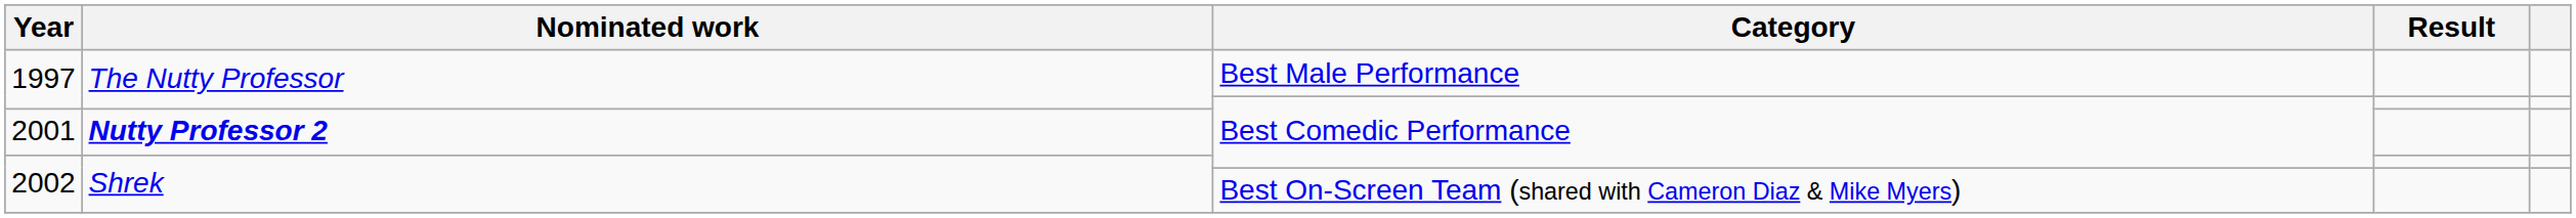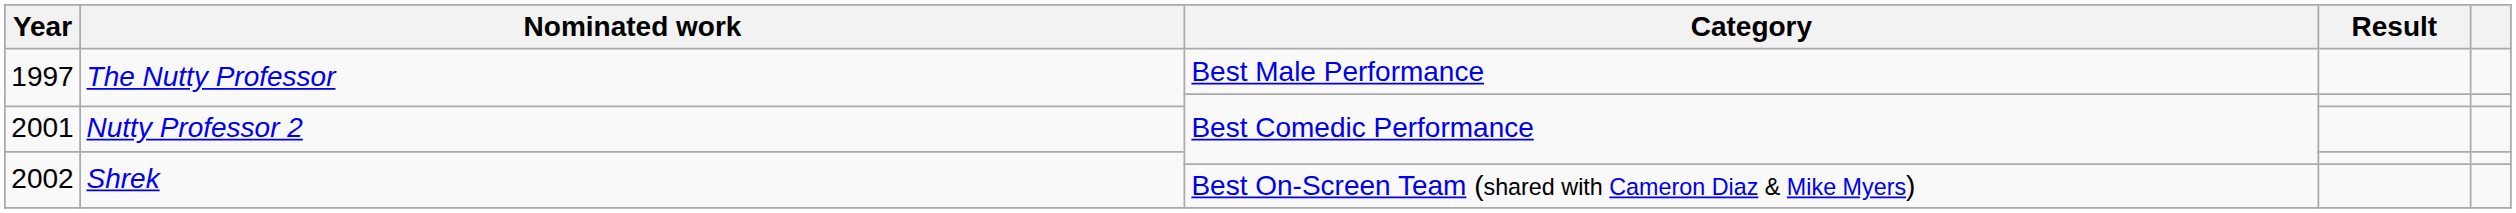 <table class="wikitable sortable">
 <tr>
 <th scope="col" style="width:1em;">Year</th>
 <th scope="col" style="width:39em;">Nominated work</th>
 <th scope="col" style="width:40em;">Category</th>
 <th scope="col" style="width:5em;">Result</th>
 <th scope="col" style="width:1em;"class="unsortable"></th>
 </tr>
 <tr>
 <td rowspan="2">1997</td>
 <td rowspan="2"><em><a href='#'>The Nutty Professor</a></em></td>
 <td><a href='#'>Best Male Performance</a></td>
 <td></td>
 <td></td>
 </tr>
 <tr>
 <td rowspan="3"><a href='#'>Best Comedic Performance</a></td>
 <td></td>
 <td></td>
 </tr>
 <tr>
 <td>2001</td>
-<td><strong><em><a href='#'>Nutty Professor 2</a></em></strong></td>
+<td><em><a href='#'>Nutty Professor 2</a></em></td>
 <td></td>
 <td></td>
 </tr>
 <tr>
 <td rowspan="2">2002</td>
 <td rowspan="2"><em><a href='#'>Shrek</a></em></td>
 <td></td>
 <td></td>
 </tr>
 <tr>
 <td><a href='#'>Best On-Screen Team</a> (<small>shared with <a href='#'>Cameron Diaz</a> & <a href='#'>Mike Myers</a></small>)</td>
 <td></td>
 <td></td>
 </tr>
 </table>
